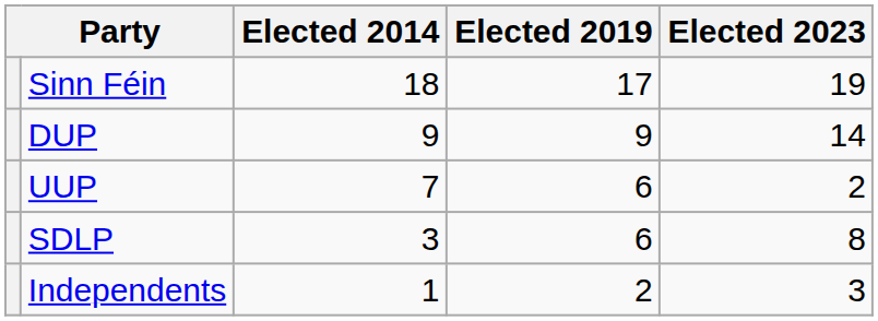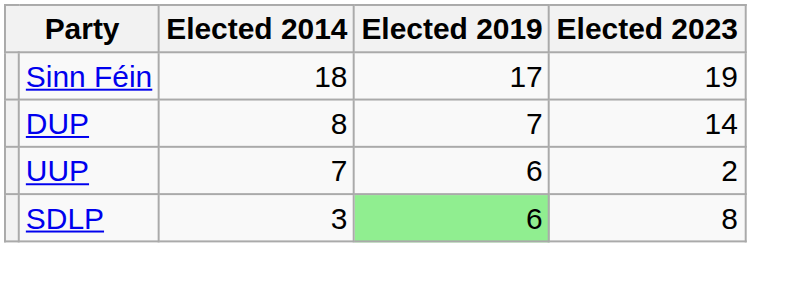 <table class="wikitable" style="font-size: 95%;">
 <tr>
 <th colspan=2>Party</th>
 <th>Elected 2014</th>
 <th>Elected 2019</th>
 <th>Elected 2023</th>
 </tr>
 <tr>
 <th style="background-color: "></th>
 <td><a href='#'>Sinn Féin</a></td>
 <td align="right">18</td>
 <td align="right">17</td>
 <td align="right">19</td>
 </tr>
 <tr>
 <th style="background-color: "></th>
 <td><a href='#'>DUP</a></td>
-<td align="right">9</td>
-<td align="right">9</td>
+<td align="right">8</td>
+<td align="right">7</td>
 <td align="right">14</td>
 </tr>
 <tr>
 <th style="background-color: "></th>
 <td><a href='#'>UUP</a></td>
 <td align="right">7</td>
 <td align="right">6</td>
 <td align="right">2</td>
 </tr>
 <tr>
 <th style="background-color: "></th>
 <td><a href='#'>SDLP</a></td>
 <td align="right">3</td>
-<td align="right">6</td>
+<td align="right" style="background: lightgreen;">6</td>
 <td align="right">8</td>
 </tr>
-<tr>
-<th style="background-color: "></th>
-<td><a href='#'>Independents</a></td>
-<td align="right">1</td>
-<td align="right">2</td>
-<td align="right">3</td>
-</tr>
 </table>
